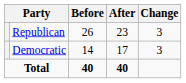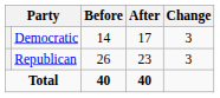 <table class="wikitable" style="text-align:center;">
 <tr>
 <th colspan="2">Party</th>
 <th>Before</th>
 <th>After</th>
 <th>Change</th>
 </tr>
 <tr>
 <th style="background-color:"></th>
-<td style="text-align:left;"><a href='#'>Republican</a></td>
-<td>26</td>
-<td>23</td>
+<td style="text-align:left;"><a href='#'>Democratic</a></td>
+<td>14</td>
+<td>17</td>
 <td> 3</td>
 </tr>
 <tr>
 <th style="background-color:"></th>
-<td style="text-align:left;"><a href='#'>Democratic</a></td>
-<td>14</td>
-<td>17</td>
+<td style="text-align:left;"><a href='#'>Republican</a></td>
+<td>26</td>
+<td>23</td>
 <td> 3</td>
 </tr>
 <tr>
 <td colspan="2"><strong>Total</strong></td>
 <td><strong>40</strong></td>
 <td><strong>40</strong></td>
 <td></td>
 </tr>
 </table>
